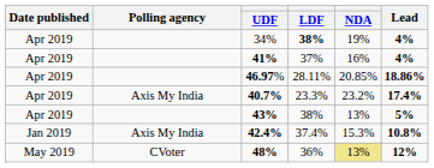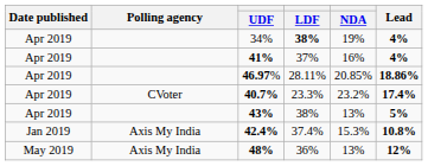 <table class="wikitable sortable" style="text-align:center;font-size:95%;line-height:16px">
 <tr>
 <th width="100" rowspan="2">Date published</th>
 <th width="175" rowspan="2">Polling agency</th>
 <th style="background:"></th>
 <th style="background:"></th>
 <th style="background:"></th>
 <th rowspan="2">Lead</th>
 </tr>
 <tr>
 <th width="50" class="unsortable "><a href='#'>UDF</a></th>
 <th width="50" class="unsortable "><a href='#'>LDF</a></th>
 <th width="50" class="unsortable "><a href='#'>NDA</a></th>
 </tr>
 <tr>
 <td>Apr 2019</td>
 <td></td>
 <td>34%</td>
 <td style="background:"><strong>38%</strong></td>
 <td>19%</td>
 <td style="background:"><span><strong>4%</strong></span></td>
 </tr>
 <tr>
 <td>Apr 2019</td>
 <td> </td>
 <td style="background:"><strong>41%</strong></td>
 <td>37%</td>
 <td>16%</td>
 <td style="background:"><span><strong>4%</strong></span></td>
 </tr>
 <tr>
 <td>Apr 2019</td>
 <td></td>
 <td style="background:"><strong>46.97</strong>%</td>
 <td>28.11%</td>
 <td>20.85%</td>
 <td style="background:"><span><strong>18.86%</strong></span></td>
 </tr>
 <tr>
 <td>Apr 2019</td>
-<td>Axis My India</td>
+<td>CVoter</td>
 <td style="background:"><strong>40.7%</strong></td>
 <td>23.3%</td>
 <td>23.2%</td>
 <td style="background:"><span><strong>17.4%</strong></span></td>
 </tr>
 <tr>
 <td>Apr 2019</td>
 <td></td>
 <td style="background:"><strong>43%</strong></td>
 <td>38%</td>
 <td>13%</td>
 <td style="background:"><span><strong>5%</strong></span></td>
 </tr>
 <tr>
 <td>Jan 2019</td>
 <td>Axis My India</td>
 <td style="background:"><strong>42.4%</strong></td>
 <td>37.4%</td>
 <td>15.3%</td>
 <td style="background:"><span><strong>10.8%</strong></span></td>
 </tr>
 <tr>
 <td>May 2019</td>
-<td>CVoter</td>
+<td>Axis My India</td>
 <td style="background:"><strong>48%</strong></td>
 <td>36%</td>
-<td style="background: khaki;">13%</td>
+<td>13%</td>
 <td style="background:"><span><strong>12%</strong></span></td>
 </tr>
 </table>
